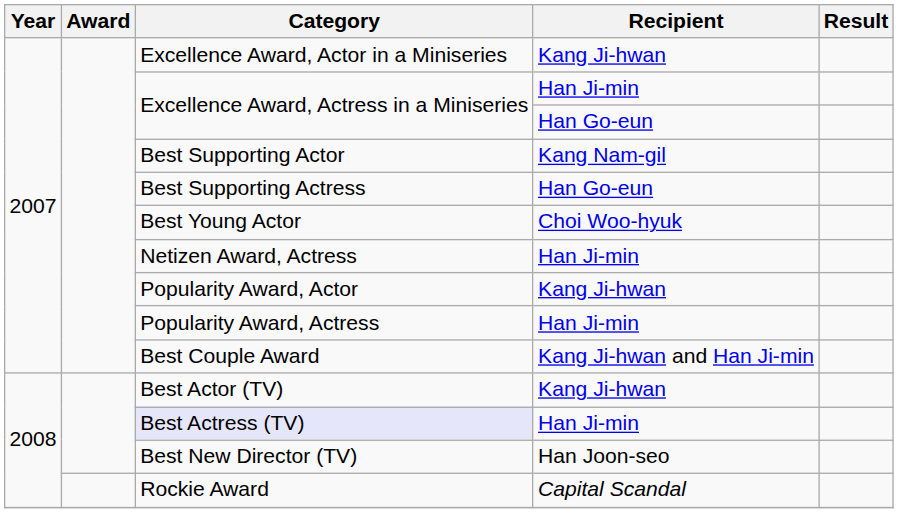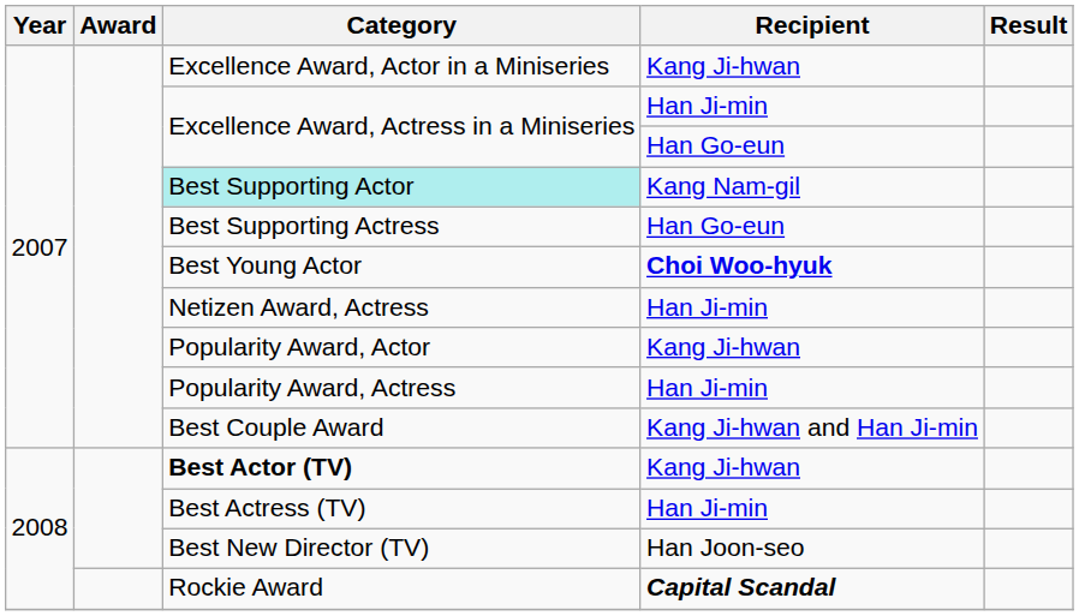 <table class="wikitable">
 <tr>
 <th>Year</th>
 <th>Award</th>
 <th>Category</th>
 <th>Recipient</th>
 <th>Result</th>
 </tr>
 <tr>
 <td rowspan=10>2007</td>
 <td rowspan=10></td>
 <td>Excellence Award, Actor in a Miniseries</td>
 <td><a href='#'>Kang Ji-hwan</a></td>
 <td></td>
 </tr>
 <tr>
 <td rowspan=2>Excellence Award, Actress in a Miniseries</td>
 <td><a href='#'>Han Ji-min</a></td>
 <td></td>
 </tr>
 <tr>
 <td><a href='#'>Han Go-eun</a></td>
 <td></td>
 </tr>
 <tr>
-<td>Best Supporting Actor</td>
+<td style="background: paleturquoise;">Best Supporting Actor</td>
 <td><a href='#'>Kang Nam-gil</a></td>
 <td></td>
 </tr>
 <tr>
 <td>Best Supporting Actress</td>
 <td><a href='#'>Han Go-eun</a></td>
 <td></td>
 </tr>
 <tr>
 <td>Best Young Actor</td>
-<td><a href='#'>Choi Woo-hyuk</a></td>
+<td><strong><a href='#'>Choi Woo-hyuk</a></strong></td>
 <td></td>
 </tr>
 <tr>
 <td>Netizen Award, Actress</td>
 <td><a href='#'>Han Ji-min</a></td>
 <td></td>
 </tr>
 <tr>
 <td>Popularity Award, Actor</td>
 <td><a href='#'>Kang Ji-hwan</a></td>
 <td></td>
 </tr>
 <tr>
 <td>Popularity Award, Actress</td>
 <td><a href='#'>Han Ji-min</a></td>
 <td></td>
 </tr>
 <tr>
 <td>Best Couple Award</td>
 <td><a href='#'>Kang Ji-hwan</a> and <a href='#'>Han Ji-min</a></td>
 <td></td>
 </tr>
 <tr>
 <td rowspan=4>2008</td>
 <td rowspan=3></td>
-<td>Best Actor (TV)</td>
+<td><strong>Best Actor (TV)</strong></td>
 <td><a href='#'>Kang Ji-hwan</a></td>
 <td></td>
 </tr>
 <tr>
-<td style="background: lavender;">Best Actress (TV)</td>
+<td>Best Actress (TV)</td>
 <td><a href='#'>Han Ji-min</a></td>
 <td></td>
 </tr>
 <tr>
 <td>Best New Director (TV)</td>
 <td>Han Joon-seo</td>
 <td></td>
 </tr>
 <tr>
 <td></td>
 <td>Rockie Award</td>
-<td><em>Capital Scandal</em></td>
+<td><strong><em>Capital Scandal</em></strong></td>
 <td></td>
 </tr>
 <tr>
 </tr>
 </table>
